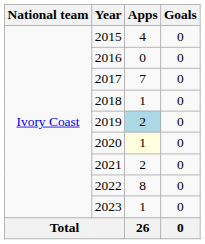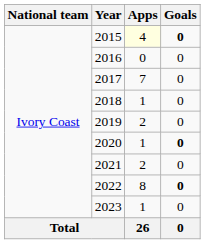 <table class="wikitable" style="text-align:center">
 <tr>
 <th>National team</th>
 <th>Year</th>
 <th>Apps</th>
 <th>Goals</th>
 </tr>
 <tr>
 <td rowspan="9"><a href='#'>Ivory Coast</a></td>
 <td>2015</td>
-<td>4</td>
-<td>0</td>
+<td style="background: lightyellow;">4</td>
+<td><strong>0</strong></td>
 </tr>
 <tr>
 <td>2016</td>
 <td>0</td>
 <td>0</td>
 </tr>
 <tr>
 <td>2017</td>
 <td>7</td>
 <td>0</td>
 </tr>
 <tr>
 <td>2018</td>
 <td>1</td>
 <td>0</td>
 </tr>
 <tr>
 <td>2019</td>
-<td style="background: lightblue;">2</td>
+<td>2</td>
 <td>0</td>
 </tr>
 <tr>
 <td>2020</td>
-<td style="background: lightyellow;">1</td>
-<td>0</td>
+<td>1</td>
+<td><strong>0</strong></td>
 </tr>
 <tr>
 <td>2021</td>
 <td>2</td>
 <td>0</td>
 </tr>
 <tr>
 <td>2022</td>
 <td>8</td>
-<td>0</td>
+<td><strong>0</strong></td>
 </tr>
 <tr>
 <td>2023</td>
 <td>1</td>
 <td>0</td>
 </tr>
 <tr>
 <th colspan="2">Total</th>
 <th>26</th>
 <th>0</th>
 </tr>
 </table>
